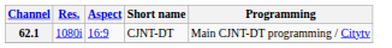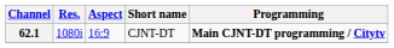 <table class="wikitable">
 <tr>
 <th><a href='#'>Channel</a></th>
 <th><a href='#'>Res.</a></th>
 <th><a href='#'>Aspect</a></th>
 <th>Short name</th>
 <th>Programming</th>
 </tr>
 <tr>
 <th scope = "row">62.1</th>
 <td><a href='#'>1080i</a></td>
 <td><a href='#'>16:9</a></td>
 <td>CJNT-DT</td>
-<td>Main CJNT-DT programming / <a href='#'>Citytv</a></td>
+<td><strong>Main CJNT-DT programming / <a href='#'>Citytv</a></strong></td>
 </tr>
 <tr>
 </tr>
 </table>
